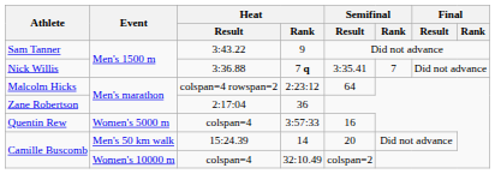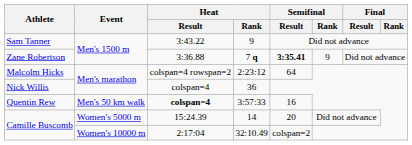 <table class=wikitable style=font-size:90%;text-align:center>
 <tr>
 <th rowspan=2>Athlete</th>
 <th rowspan=2>Event</th>
 <th colspan=2>Heat</th>
 <th colspan=2>Semifinal</th>
 <th colspan=2>Final</th>
 </tr>
 <tr style=font-size:95%>
 <th>Result</th>
 <th>Rank</th>
 <th>Result</th>
 <th>Rank</th>
 <th>Result</th>
 <th>Rank</th>
 </tr>
 <tr>
 <td align=left><a href='#'>Sam Tanner</a></td>
 <td align=left rowspan=2><a href='#'>Men's 1500 m</a></td>
 <td>3:43.22</td>
 <td>9</td>
 <td colspan=4>Did not advance</td>
 </tr>
 <tr>
-<td align=left><a href='#'>Nick Willis</a></td>
+<td align=left><a href='#'>Zane Robertson</a></td>
 <td>3:36.88</td>
 <td>7 <strong>q</strong></td>
-<td>3:35.41</td>
-<td>7</td>
+<td><strong>3:35.41</strong></td>
+<td>9</td>
 <td colspan=2>Did not advance</td>
 </tr>
 <tr>
 <td align=left><a href='#'>Malcolm Hicks</a></td>
 <td align=left rowspan=2><a href='#'>Men's marathon</a></td>
 <td>colspan=4 rowspan=2 </td>
 <td>2:23:12</td>
 <td>64</td>
 </tr>
 <tr>
-<td align=left><a href='#'>Zane Robertson</a></td>
-<td>2:17:04</td>
+<td align=left><a href='#'>Nick Willis</a></td>
+<td>colspan=4 </td>
 <td>36</td>
 </tr>
 <tr>
 <td align=left><a href='#'>Quentin Rew</a></td>
-<td align=left><a href='#'>Women's 5000 m</a></td>
-<td>colspan=4 </td>
+<td align=left><a href='#'>Men's 50 km walk</a></td>
+<td><strong>colspan=4 </strong></td>
 <td>3:57:33</td>
 <td>16</td>
 </tr>
 <tr>
 <td align=left rowspan=2><a href='#'>Camille Buscomb</a></td>
-<td align=left><a href='#'>Men's 50 km walk</a></td>
+<td align=left><a href='#'>Women's 5000 m</a></td>
 <td>15:24.39</td>
 <td>14</td>
 <td>20</td>
 <td colspan=2>Did not advance</td>
 </tr>
 <tr>
 <td align=left><a href='#'>Women's 10000 m</a></td>
-<td>colspan=4 </td>
+<td>2:17:04</td>
 <td>32:10.49</td>
 <td>colspan=2 </td>
 </tr>
 </table>
